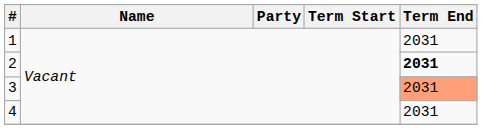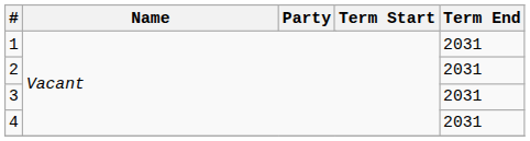 <table class="wikitable sortable">
 <tr>
 <th>#</th>
 <th style="width:200px">Name</th>
 <th colspan="2">Party</th>
 <th>Term Start</th>
 <th>Term End</th>
 </tr>
 <tr>
 <td>1</td>
 <td colspan=4 rowspan=4><em>Vacant</em></td>
 <td>2031</td>
 </tr>
 <tr>
 <td>2</td>
-<td><strong>2031</strong></td>
+<td>2031</td>
 </tr>
 <tr>
 <td>3</td>
-<td style="background: lightsalmon;">2031</td>
+<td>2031</td>
 </tr>
 <tr>
 <td>4</td>
 <td>2031</td>
 </tr>
 <tr>
 </tr>
 </table>
